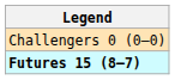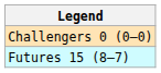 <table class=wikitable style=font-size:97%>
 <tr>
 <th>Legend</th>
 </tr>
 <tr style="background:moccasin;">
 <td>Challengers 0 (0–0)</td>
 </tr>
 <tr style="background:#cffcff;">
-<td><strong>Futures 15 (8–7)</strong></td>
+<td>Futures 15 (8–7)</td>
 </tr>
 </table>
